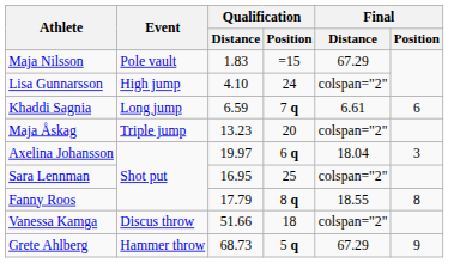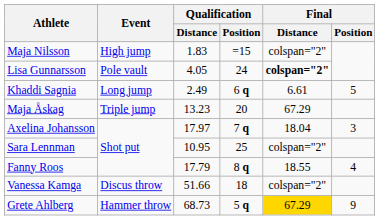 <table class="wikitable" style="font-size:90%">
 <tr>
 <th rowspan="2">Athlete</th>
 <th rowspan="2">Event</th>
 <th colspan="2">Qualification</th>
 <th colspan="2">Final</th>
 </tr>
 <tr style="font-size:95%">
 <th>Distance</th>
 <th>Position</th>
 <th>Distance</th>
 <th>Position</th>
 </tr>
 <tr align="center">
 <td align="left"><a href='#'>Maja Nilsson</a></td>
-<td align="left"><a href='#'>Pole vault</a></td>
+<td align="left"><a href='#'>High jump</a></td>
 <td>1.83</td>
 <td>=15</td>
-<td>67.29</td>
+<td>colspan="2" </td>
 </tr>
 <tr align="center">
 <td align="left"><a href='#'>Lisa Gunnarsson</a></td>
-<td align="left"><a href='#'>High jump</a></td>
-<td>4.10</td>
+<td align="left"><a href='#'>Pole vault</a></td>
+<td>4.05</td>
 <td>24</td>
-<td>colspan="2" </td>
+<td><strong>colspan="2" </strong></td>
 </tr>
 <tr align="center">
 <td align="left"><a href='#'>Khaddi Sagnia</a></td>
 <td align="left"><a href='#'>Long jump</a></td>
-<td>6.59</td>
-<td>7 <strong>q</strong></td>
+<td>2.49</td>
+<td>6 <strong>q</strong></td>
 <td>6.61</td>
-<td>6</td>
+<td>5</td>
 </tr>
 <tr align="center">
 <td align="left"><a href='#'>Maja Åskag</a></td>
 <td align="left"><a href='#'>Triple jump</a></td>
 <td>13.23</td>
 <td>20</td>
-<td>colspan="2" </td>
+<td>67.29</td>
 </tr>
 <tr align="center">
 <td align="left"><a href='#'>Axelina Johansson</a></td>
 <td rowspan="3" align="left"><a href='#'>Shot put</a></td>
-<td>19.97</td>
-<td>6 <strong>q</strong></td>
+<td>17.97</td>
+<td>7 <strong>q</strong></td>
 <td>18.04</td>
 <td>3</td>
 </tr>
 <tr align="center">
 <td align="left"><a href='#'>Sara Lennman</a></td>
-<td>16.95</td>
+<td>10.95</td>
 <td>25</td>
 <td>colspan="2" </td>
 </tr>
 <tr align="center">
 <td align="left"><a href='#'>Fanny Roos</a></td>
 <td>17.79</td>
 <td>8 <strong>q</strong></td>
 <td>18.55</td>
-<td>8</td>
+<td>4</td>
 </tr>
 <tr align="center">
 <td align="left"><a href='#'>Vanessa Kamga</a></td>
 <td align="left"><a href='#'>Discus throw</a></td>
 <td>51.66</td>
 <td>18</td>
 <td>colspan="2" </td>
 </tr>
 <tr align="center">
 <td align="left"><a href='#'>Grete Ahlberg</a></td>
 <td align="left"><a href='#'>Hammer throw</a></td>
 <td>68.73</td>
 <td>5 <strong>q</strong></td>
-<td>67.29</td>
+<td style="background: gold;">67.29</td>
 <td>9</td>
 </tr>
 </table>
